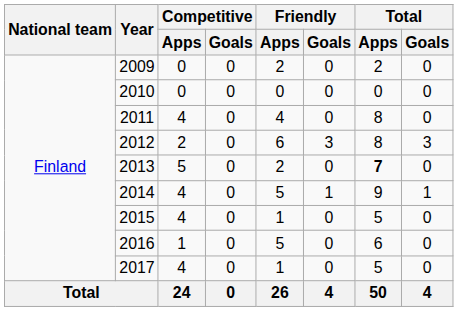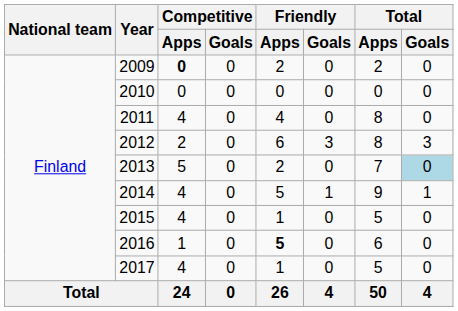 <table class="wikitable" style="text-align:center">
 <tr>
 <th rowspan="2">National team</th>
 <th rowspan="2">Year</th>
 <th colspan="2">Competitive</th>
 <th colspan="2">Friendly</th>
 <th colspan="2">Total</th>
 </tr>
 <tr>
 <th>Apps</th>
 <th>Goals</th>
 <th>Apps</th>
 <th>Goals</th>
 <th>Apps</th>
 <th>Goals</th>
 </tr>
 <tr>
 <td rowspan="9"><a href='#'>Finland</a></td>
 <td>2009</td>
-<td>0</td>
+<td><strong>0</strong></td>
 <td>0</td>
 <td>2</td>
 <td>0</td>
 <td>2</td>
 <td>0</td>
 </tr>
 <tr>
 <td>2010</td>
 <td>0</td>
 <td>0</td>
 <td>0</td>
 <td>0</td>
 <td>0</td>
 <td>0</td>
 </tr>
 <tr>
 <td>2011</td>
 <td>4</td>
 <td>0</td>
 <td>4</td>
 <td>0</td>
 <td>8</td>
 <td>0</td>
 </tr>
 <tr>
 <td>2012</td>
 <td>2</td>
 <td>0</td>
 <td>6</td>
 <td>3</td>
 <td>8</td>
 <td>3</td>
 </tr>
 <tr>
 <td>2013</td>
 <td>5</td>
 <td>0</td>
 <td>2</td>
 <td>0</td>
-<td><strong>7</strong></td>
-<td>0</td>
+<td>7</td>
+<td style="background: lightblue;">0</td>
 </tr>
 <tr>
 <td>2014</td>
 <td>4</td>
 <td>0</td>
 <td>5</td>
 <td>1</td>
 <td>9</td>
 <td>1</td>
 </tr>
 <tr>
 <td>2015</td>
 <td>4</td>
 <td>0</td>
 <td>1</td>
 <td>0</td>
 <td>5</td>
 <td>0</td>
 </tr>
 <tr>
 <td>2016</td>
 <td>1</td>
 <td>0</td>
-<td>5</td>
+<td><strong>5</strong></td>
 <td>0</td>
 <td>6</td>
 <td>0</td>
 </tr>
 <tr>
 <td>2017</td>
 <td>4</td>
 <td>0</td>
 <td>1</td>
 <td>0</td>
 <td>5</td>
 <td>0</td>
 </tr>
 <tr>
 <th colspan="2">Total</th>
 <th>24</th>
 <th>0</th>
 <th>26</th>
 <th>4</th>
 <th>50</th>
 <th>4</th>
 </tr>
 </table>
